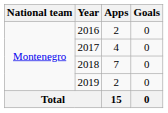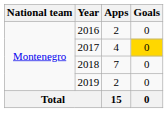 <table class="wikitable" style="text-align:center">
 <tr>
 <th>National team</th>
 <th>Year</th>
 <th>Apps</th>
 <th>Goals</th>
 </tr>
 <tr>
 <td rowspan="4"><a href='#'>Montenegro</a></td>
 <td>2016</td>
 <td>2</td>
 <td>0</td>
 </tr>
 <tr>
 <td>2017</td>
 <td>4</td>
-<td>0</td>
+<td style="background: gold;">0</td>
 </tr>
 <tr>
 <td>2018</td>
 <td>7</td>
 <td>0</td>
 </tr>
 <tr>
 <td>2019</td>
 <td>2</td>
 <td>0</td>
 </tr>
 <tr>
 <th colspan="2">Total</th>
 <th>15</th>
 <th>0</th>
 </tr>
 </table>
